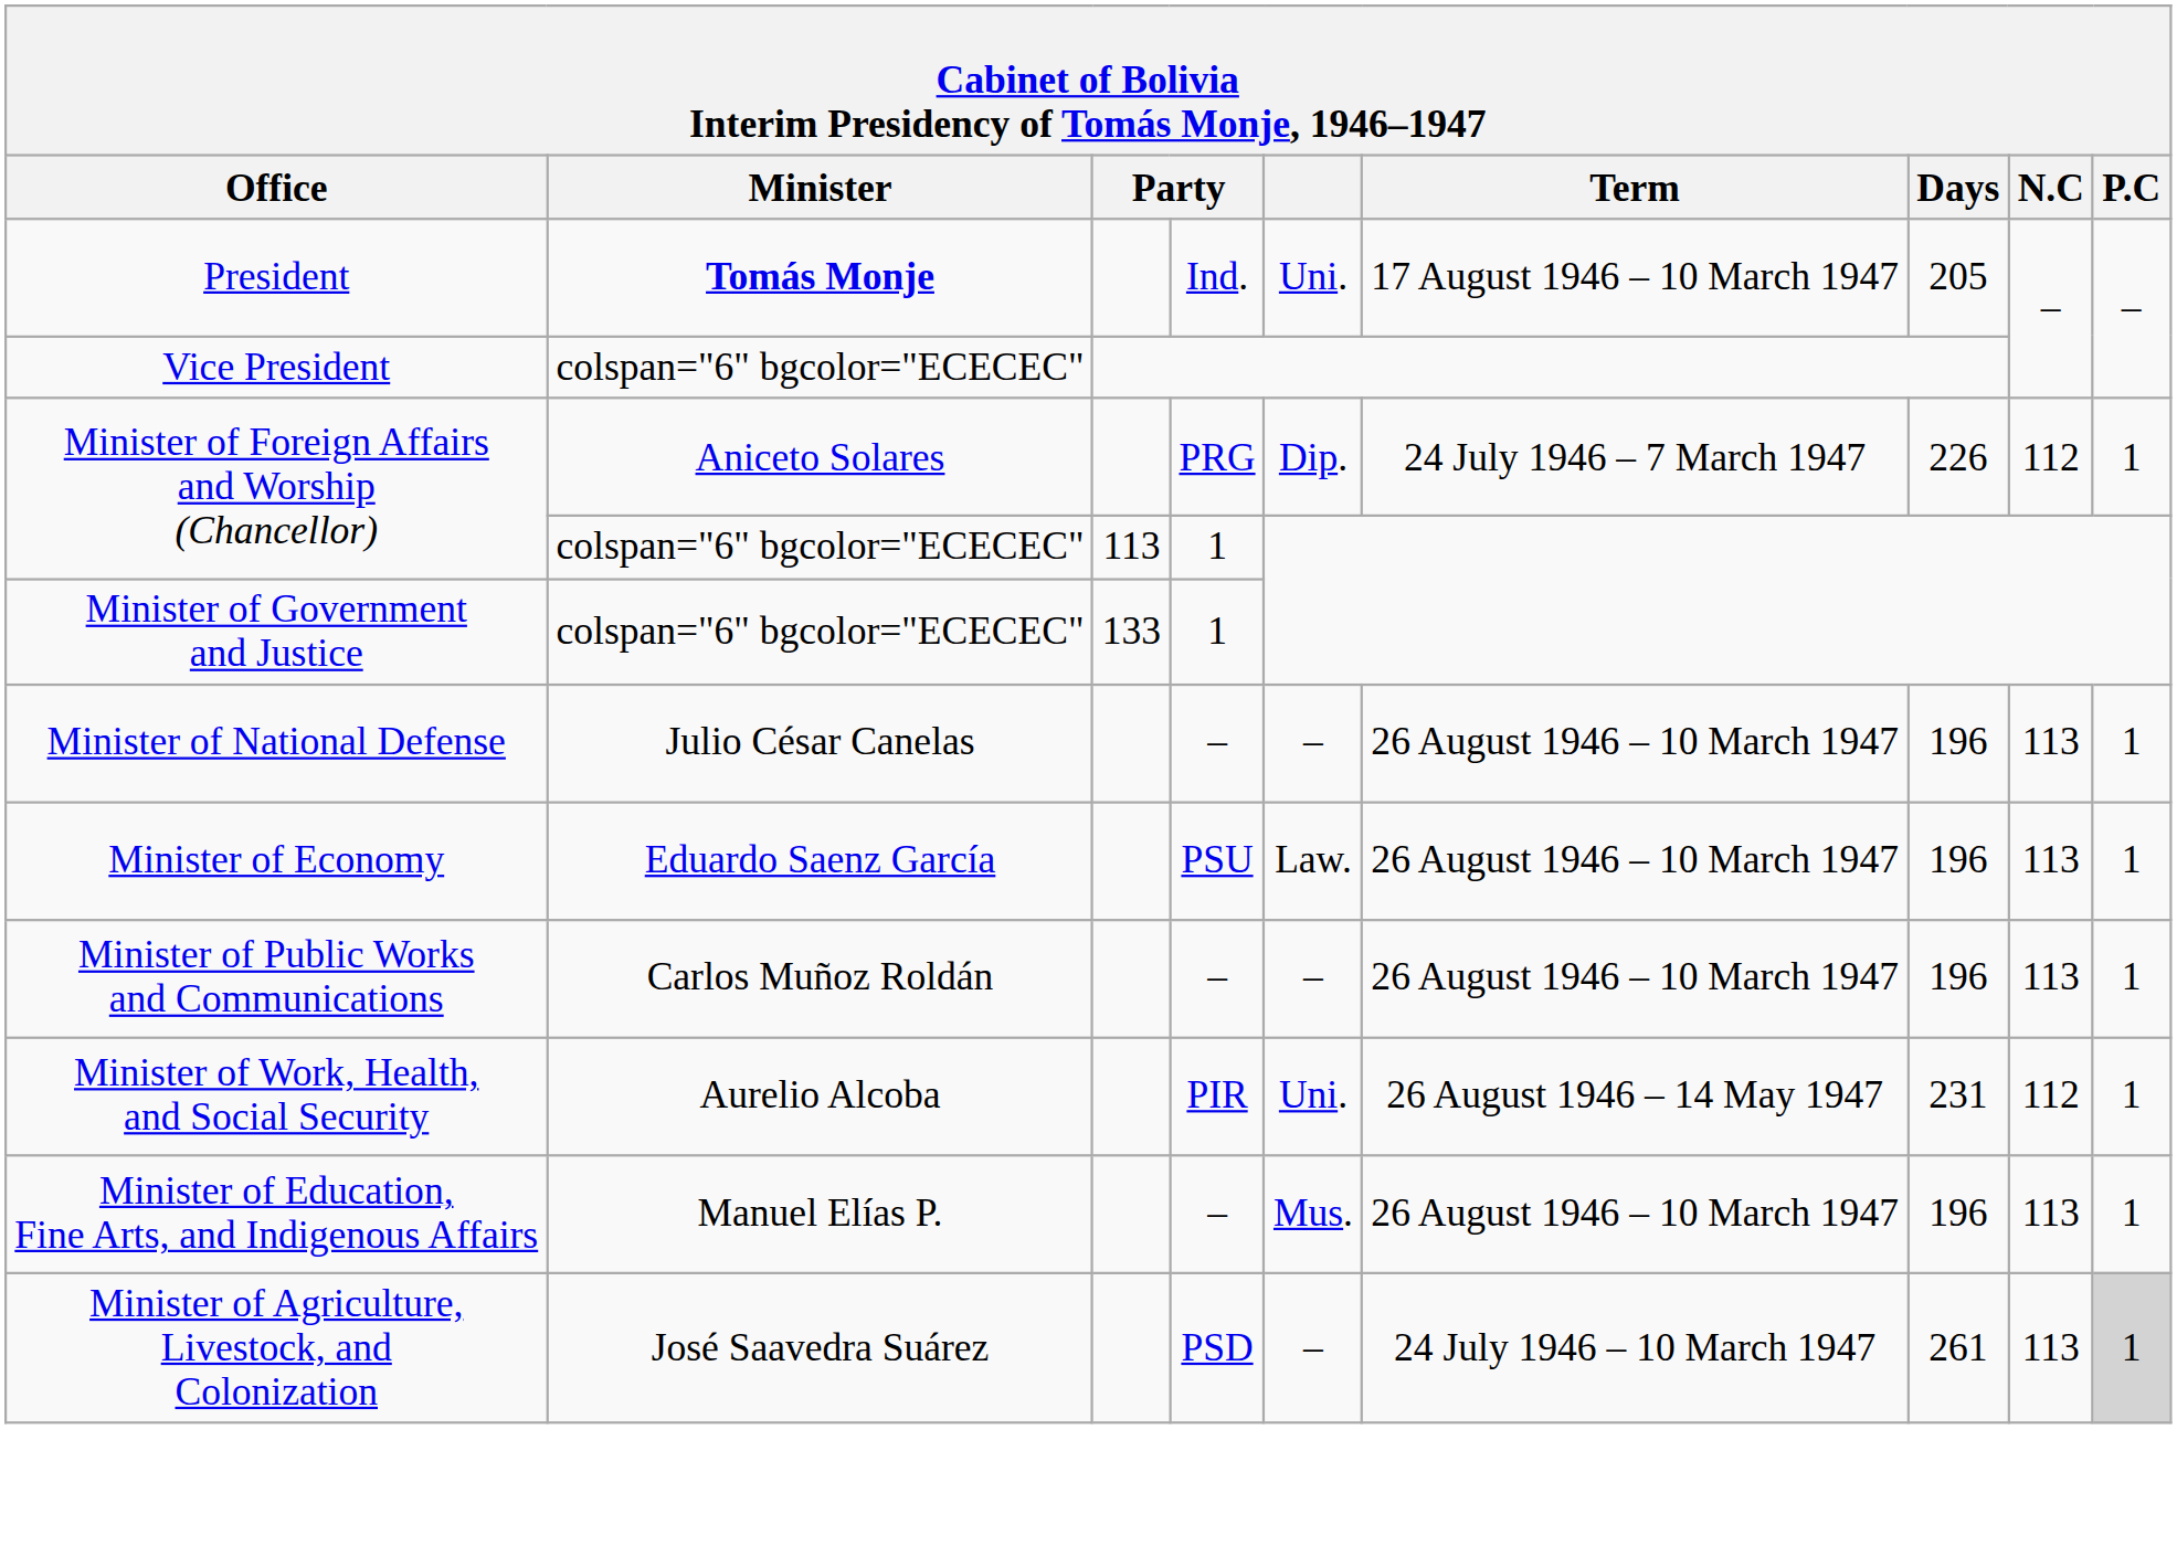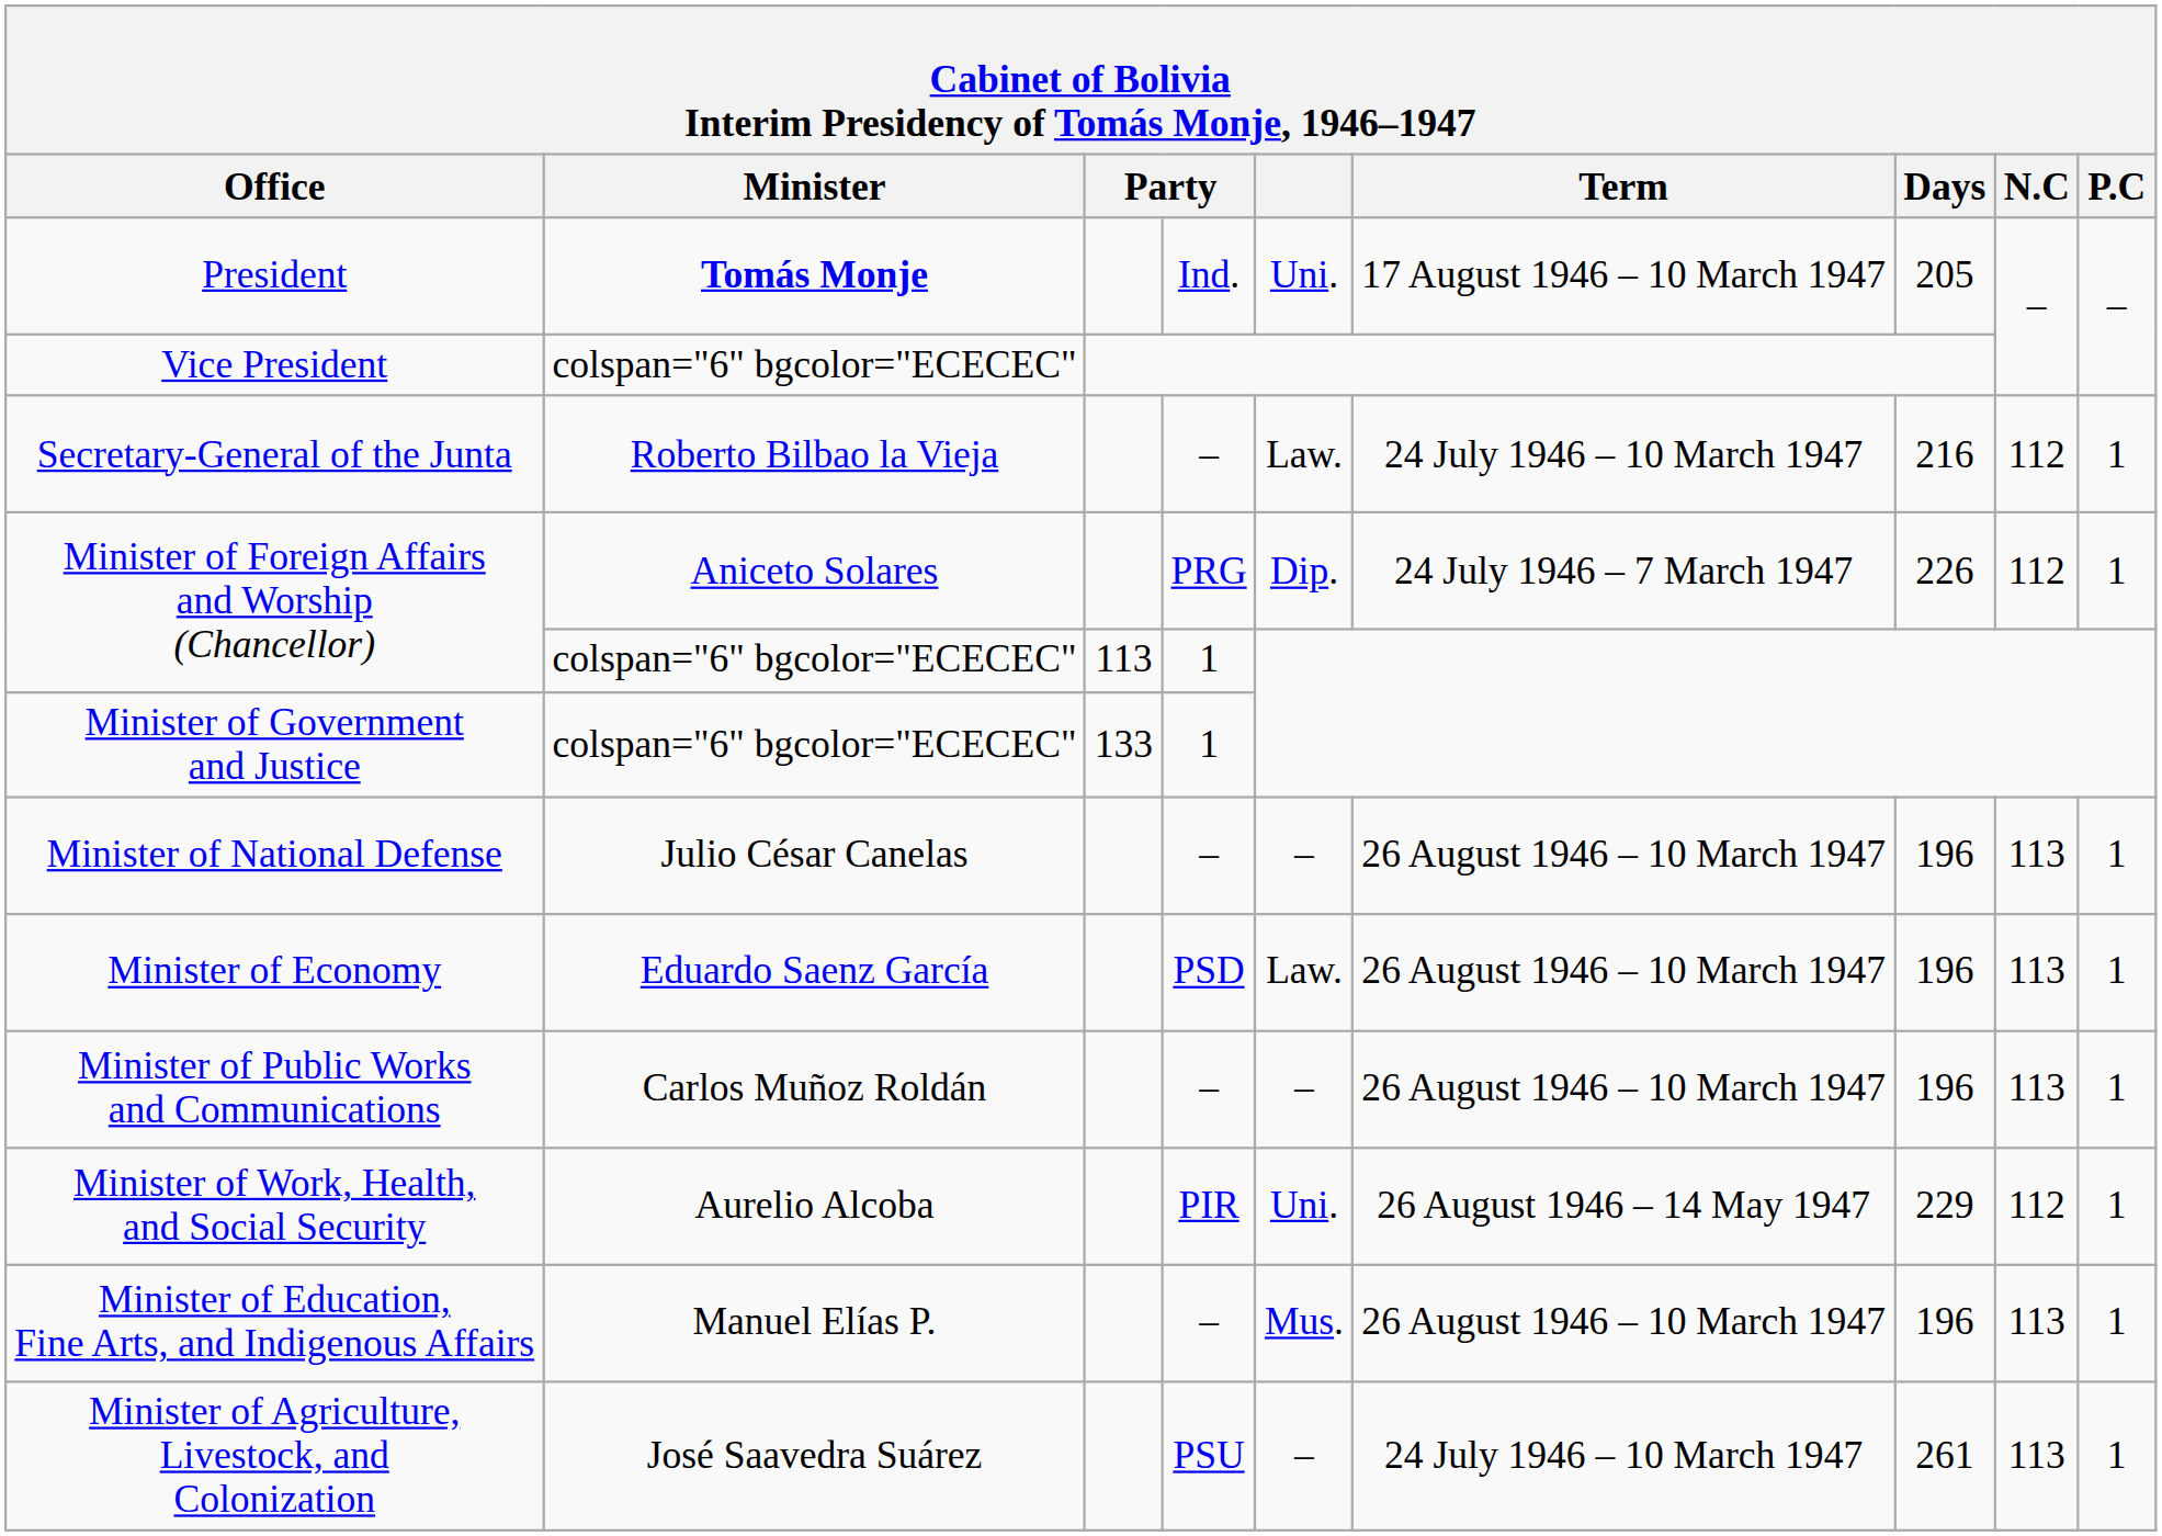 <table class="wikitable" style="text-align:center;">
 <tr>
 <th colspan="9" style="background-color:"><br><a href='#'>Cabinet of Bolivia</a><br>Interim Presidency of <a href='#'>Tomás Monje</a>, 1946–1947</th>
 </tr>
 <tr style="font-weight:bold;">
 <th>Office</th>
 <th>Minister</th>
 <th colspan="2">Party</th>
 <th></th>
 <th>Term</th>
 <th>Days</th>
 <th>N.C</th>
 <th>P.C<br></th>
 </tr>
 <tr style="height:3em;">
 <td><a href='#'>President</a></td>
 <td><strong><a href='#'>Tomás Monje</a></strong></td>
 <td style="background:"></td>
 <td><a href='#'>Ind</a>.</td>
 <td><a href='#'>Uni</a>.</td>
 <td>17 August 1946 – 10 March 1947</td>
 <td>205</td>
 <td rowspan="2">–</td>
 <td rowspan="2">–<br></td>
 </tr>
 <tr>
 <td><a href='#'>Vice President</a></td>
 <td>colspan="6" bgcolor="ECECEC" <br></td>
+</tr>
+<tr style="height:3em;">
+<td><a href='#'>Secretary-General of the Junta</a></td>
+<td><a href='#'>Roberto Bilbao la Vieja</a></td>
+<td style="background:"></td>
+<td>–</td>
+<td>Law.</td>
+<td>24 July 1946 – 10 March 1947</td>
+<td>216</td>
+<td>112</td>
+<td>1<br></td>
 </tr>
 <tr style="height:3em;">
 <td rowspan="2"><a href='#'>Minister of Foreign Affairs<br>and Worship</a><br><em>(Chancellor)</em></td>
 <td><a href='#'>Aniceto Solares</a></td>
 <td style="background:"></td>
 <td><a href='#'>PRG</a></td>
 <td><a href='#'>Dip</a>.</td>
 <td>24 July 1946 – 7 March 1947</td>
 <td>226</td>
 <td>112</td>
 <td>1</td>
 </tr>
 <tr>
 <td>colspan="6" bgcolor="ECECEC" </td>
 <td>113</td>
 <td>1<br></td>
 </tr>
 <tr>
 <td><a href='#'>Minister of Government<br>and Justice</a></td>
 <td>colspan="6" bgcolor="ECECEC" </td>
 <td>133</td>
 <td>1<br></td>
 </tr>
 <tr style="height:3em;">
 <td><a href='#'>Minister of National Defense</a></td>
 <td>Julio César Canelas</td>
 <td style="background:"></td>
 <td>–</td>
 <td>–</td>
 <td>26 August 1946 – 10 March 1947</td>
 <td>196</td>
 <td>113</td>
 <td>1<br></td>
 </tr>
 <tr style="height:3em;">
 <td><a href='#'>Minister of Economy</a></td>
 <td><a href='#'>Eduardo Saenz García</a></td>
 <td style="background:"></td>
-<td><a href='#'>PSU</a></td>
+<td><a href='#'>PSD</a></td>
 <td>Law.</td>
 <td>26 August 1946 – 10 March 1947</td>
 <td>196</td>
 <td>113</td>
 <td>1<br></td>
 </tr>
 <tr style="height:3em;">
 <td><a href='#'>Minister of Public Works<br>and Communications</a></td>
 <td>Carlos Muñoz Roldán</td>
 <td style="background:"></td>
 <td>–</td>
 <td>–</td>
 <td>26 August 1946 – 10 March 1947</td>
 <td>196</td>
 <td>113</td>
 <td>1<br></td>
 </tr>
 <tr style="height:3em;">
 <td><a href='#'>Minister of Work, Health,<br>and Social Security</a></td>
 <td>Aurelio Alcoba</td>
 <td style="background:"></td>
 <td><a href='#'>PIR</a></td>
 <td><a href='#'>Uni</a>.</td>
 <td>26 August 1946 – 14 May 1947</td>
-<td>231</td>
+<td>229</td>
 <td>112</td>
 <td>1<br></td>
 </tr>
 <tr style="height:3em;">
 <td><a href='#'>Minister of Education,<br>Fine Arts, and Indigenous Affairs</a></td>
 <td>Manuel Elías P.</td>
 <td style="background:"></td>
 <td>–</td>
 <td><a href='#'>Mus</a>.</td>
 <td>26 August 1946 – 10 March 1947</td>
 <td>196</td>
 <td>113</td>
 <td>1<br></td>
 </tr>
 <tr style="height:3em;">
 <td><a href='#'>Minister of Agriculture,<br>Livestock, and<br>Colonization</a></td>
 <td>José Saavedra Suárez</td>
 <td style="background:"></td>
-<td><a href='#'>PSD</a></td>
+<td><a href='#'>PSU</a></td>
 <td>–</td>
 <td>24 July 1946 – 10 March 1947</td>
 <td>261</td>
 <td>113</td>
-<td style="background: lightgrey;">1</td>
+<td>1</td>
 </tr>
 </table>
